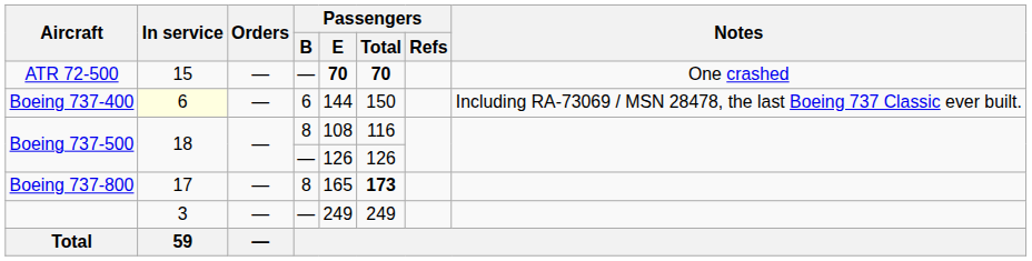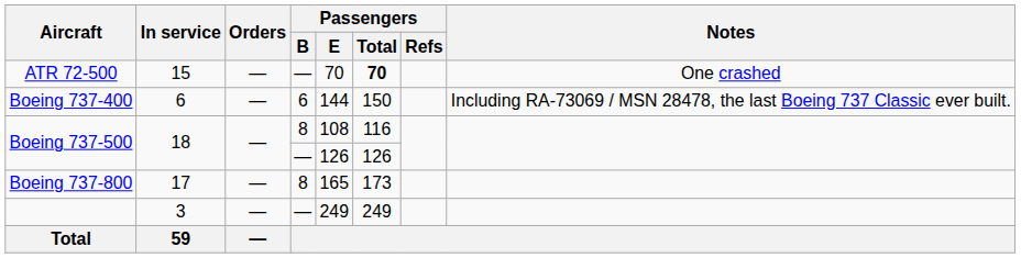 <table class="wikitable" style="margin:1em auto; border-collapse:collapse;text-align:center">
 <tr>
 <th rowspan="2">Aircraft</th>
 <th rowspan="2">In service</th>
 <th rowspan="2">Orders</th>
 <th colspan="4">Passengers</th>
 <th rowspan="2">Notes</th>
 </tr>
 <tr>
 <th><abbr>B</abbr></th>
 <th><abbr>E</abbr></th>
 <th>Total</th>
 <th>Refs</th>
 </tr>
 <tr>
 <td><a href='#'>ATR 72-500</a></td>
 <td>15</td>
 <td>—</td>
 <td>—</td>
-<td><strong>70</strong></td>
+<td>70</td>
 <td><strong>70</strong></td>
 <td></td>
 <td>One <a href='#'>crashed</a></td>
 </tr>
 <tr>
 <td><a href='#'>Boeing 737-400</a></td>
-<td style="background: lightyellow;">6</td>
+<td>6</td>
 <td>—</td>
 <td>6</td>
 <td>144</td>
 <td>150</td>
 <td></td>
 <td>Including RA-73069 / MSN 28478, the last <a href='#'>Boeing 737 Classic</a> ever built.</td>
 </tr>
 <tr>
 <td rowspan="2"><a href='#'>Boeing 737-500</a></td>
 <td rowspan="2">18</td>
 <td rowspan="2">—</td>
 <td>8</td>
 <td>108</td>
 <td>116</td>
 <td rowspan="2"></td>
 <td rowspan="2"></td>
 </tr>
 <tr>
 <td>—</td>
 <td>126</td>
 <td>126</td>
 </tr>
 <tr>
 <td><a href='#'>Boeing 737-800</a></td>
 <td>17</td>
 <td>—</td>
 <td>8</td>
 <td>165</td>
-<td><strong>173</strong></td>
+<td>173</td>
 <td></td>
 <td></td>
 </tr>
 <tr>
 <td></td>
 <td>3</td>
 <td>—</td>
 <td>—</td>
 <td>249</td>
 <td>249</td>
 <td></td>
 <td></td>
 </tr>
 <tr>
 <th>Total</th>
 <th>59</th>
 <th>—</th>
 <th colspan="6"></th>
 </tr>
 </table>
